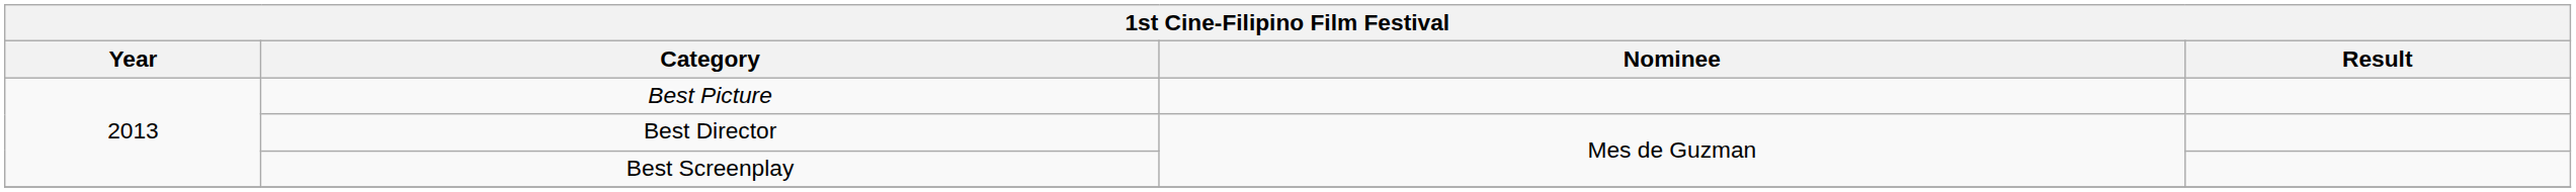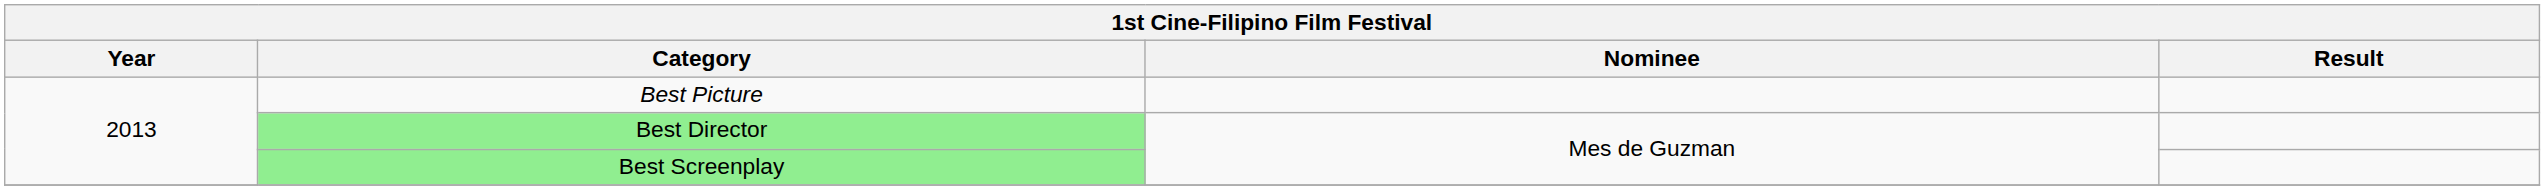 <table width="90%" class="wikitable sortable">
 <tr>
 <th colspan="4" align="center">1st Cine-Filipino Film Festival</th>
 </tr>
 <tr>
 <th width="10%">Year</th>
 <th width="35%">Category</th>
 <th width="40%">Nominee</th>
 <th width="15%">Result</th>
 </tr>
 <tr>
 <td rowspan = 3 align="center">2013</td>
 <td align="center"><em>Best Picture</em></td>
 <td align="center"></td>
 <td></td>
 </tr>
 <tr>
-<td align="center">Best Director</td>
+<td align="center" style="background: lightgreen;">Best Director</td>
 <td rowspan = 2 align="center">Mes de Guzman</td>
 <td></td>
 </tr>
 <tr>
-<td align="center">Best Screenplay</td>
+<td align="center" style="background: lightgreen;">Best Screenplay</td>
 <td></td>
 </tr>
 <tr>
 </tr>
 </table>
